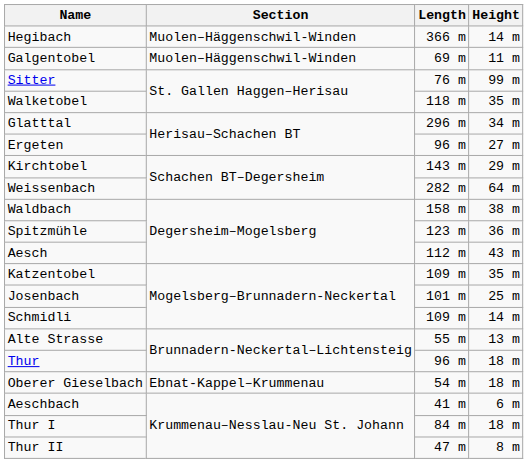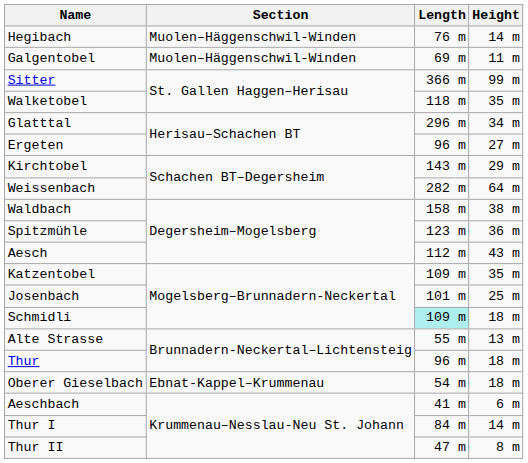 <table class="wikitable">
 <tr>
 <th>Name</th>
 <th>Section</th>
 <th>Length</th>
 <th>Height</th>
 </tr>
 <tr>
 <td>Hegibach</td>
 <td>Muolen–Häggenschwil-Winden</td>
-<td style="text-align:right">366 m</td>
+<td style="text-align:right">76 m</td>
 <td style="text-align:right">14 m</td>
 </tr>
 <tr>
 <td>Galgentobel</td>
 <td>Muolen–Häggenschwil-Winden</td>
 <td style="text-align:right">69 m</td>
 <td style="text-align:right">11 m</td>
 </tr>
 <tr>
 <td><a href='#'>Sitter</a></td>
 <td rowspan="2">St. Gallen Haggen–Herisau</td>
-<td style="text-align:right">76 m</td>
+<td style="text-align:right">366 m</td>
 <td style="text-align:right">99 m</td>
 </tr>
 <tr>
 <td>Walketobel</td>
 <td style="text-align:right">118 m</td>
 <td style="text-align:right">35 m</td>
 </tr>
 <tr>
 <td>Glatt­tal</td>
 <td rowspan="2">Herisau–Schachen BT</td>
 <td style="text-align:right">296 m</td>
 <td style="text-align:right">34 m</td>
 </tr>
 <tr>
 <td>Ergeten</td>
 <td style="text-align:right">96 m</td>
 <td style="text-align:right">27 m</td>
 </tr>
 <tr>
 <td>Kirchtobel</td>
 <td rowspan="2">Schachen BT–Degersheim</td>
 <td style="text-align:right">143 m</td>
 <td style="text-align:right">29 m</td>
 </tr>
 <tr>
 <td>Weissenbach</td>
 <td style="text-align:right">282 m</td>
 <td style="text-align:right">64 m</td>
 </tr>
 <tr>
 <td>Waldbach</td>
 <td rowspan="3">Degersheim–Mogelsberg</td>
 <td style="text-align:right">158 m</td>
 <td style="text-align:right">38 m</td>
 </tr>
 <tr>
 <td>Spitzmühle</td>
 <td style="text-align:right">123 m</td>
 <td style="text-align:right">36 m</td>
 </tr>
 <tr>
 <td>Aesch</td>
 <td style="text-align:right">112 m</td>
 <td style="text-align:right">43 m</td>
 </tr>
 <tr>
 <td>Katzentobel</td>
 <td rowspan="3">Mogelsberg–Brunnadern-Neckertal</td>
 <td style="text-align:right">109 m</td>
 <td style="text-align:right">35 m</td>
 </tr>
 <tr>
 <td>Josenbach</td>
 <td style="text-align:right">101 m</td>
 <td style="text-align:right">25 m</td>
 </tr>
 <tr>
 <td>Schmidli</td>
-<td style="text-align:right">109 m</td>
-<td style="text-align:right">14 m</td>
+<td style="background: paleturquoise; text-align:right">109 m</td>
+<td style="text-align:right">18 m</td>
 </tr>
 <tr>
 <td>Alte Strasse</td>
 <td rowspan="2">Brunnadern-Neckertal–Lichtensteig</td>
 <td style="text-align:right">55 m</td>
 <td style="text-align:right">13 m</td>
 </tr>
 <tr>
 <td><a href='#'>Thur</a></td>
 <td style="text-align:right">96 m</td>
 <td style="text-align:right">18 m</td>
 </tr>
 <tr>
 <td>Oberer Gieselbach</td>
 <td>Ebnat-Kappel–Krummenau</td>
 <td style="text-align:right">54 m</td>
 <td style="text-align:right">18 m</td>
 </tr>
 <tr>
 <td>Aeschbach</td>
 <td rowspan="3">Krummenau–Nesslau-Neu St. Johann</td>
 <td style="text-align:right">41 m</td>
 <td style="text-align:right">6 m</td>
 </tr>
 <tr>
 <td>Thur I</td>
 <td style="text-align:right">84 m</td>
-<td style="text-align:right">18 m</td>
+<td style="text-align:right">14 m</td>
 </tr>
 <tr>
 <td>Thur II</td>
 <td style="text-align:right">47 m</td>
 <td style="text-align:right">8 m</td>
 </tr>
 </table>
